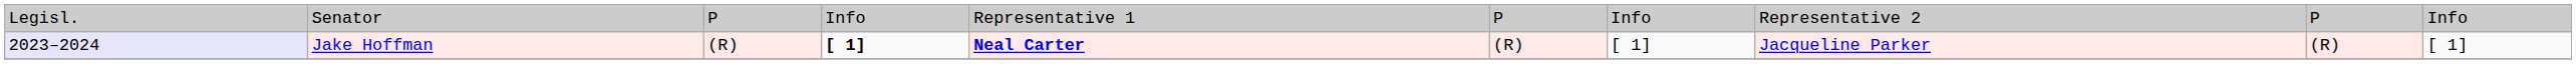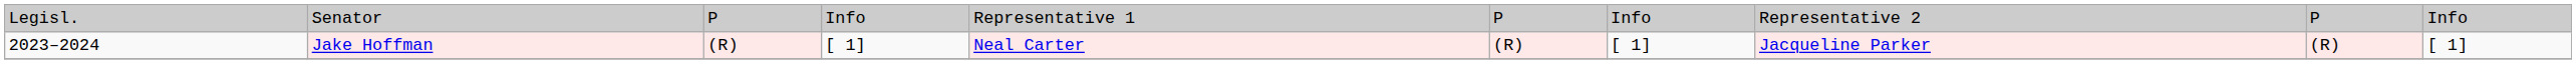 <table class=wikitable width="100%" border="1">
 <tr style="background-color:#cccccc;">
 <td>Legisl.</td>
 <td>Senator</td>
 <td>P</td>
 <td>Info</td>
 <td>Representative 1</td>
 <td>P</td>
 <td>Info</td>
 <td>Representative 2</td>
 <td>P</td>
 <td>Info</td>
 </tr>
 <tr>
-<td style="background: lavender;">2023–2024</td>
+<td>2023–2024</td>
 <td style="background:#FFE8E8"><a href='#'>Jake Hoffman</a></td>
 <td style="background:#FFE8E8">(R)</td>
-<td><strong>[ 1]</strong></td>
-<td style="background:#FFE8E8"><strong><a href='#'>Neal Carter</a></strong></td>
+<td>[ 1]</td>
+<td style="background:#FFE8E8"><a href='#'>Neal Carter</a></td>
 <td style="background:#FFE8E8">(R)</td>
 <td>[ 1]</td>
 <td style="background:#FFE8E8"><a href='#'>Jacqueline Parker</a></td>
 <td style="background:#FFE8E8">(R)</td>
 <td>[ 1]</td>
 </tr>
 <tr>
 </tr>
 </table>
